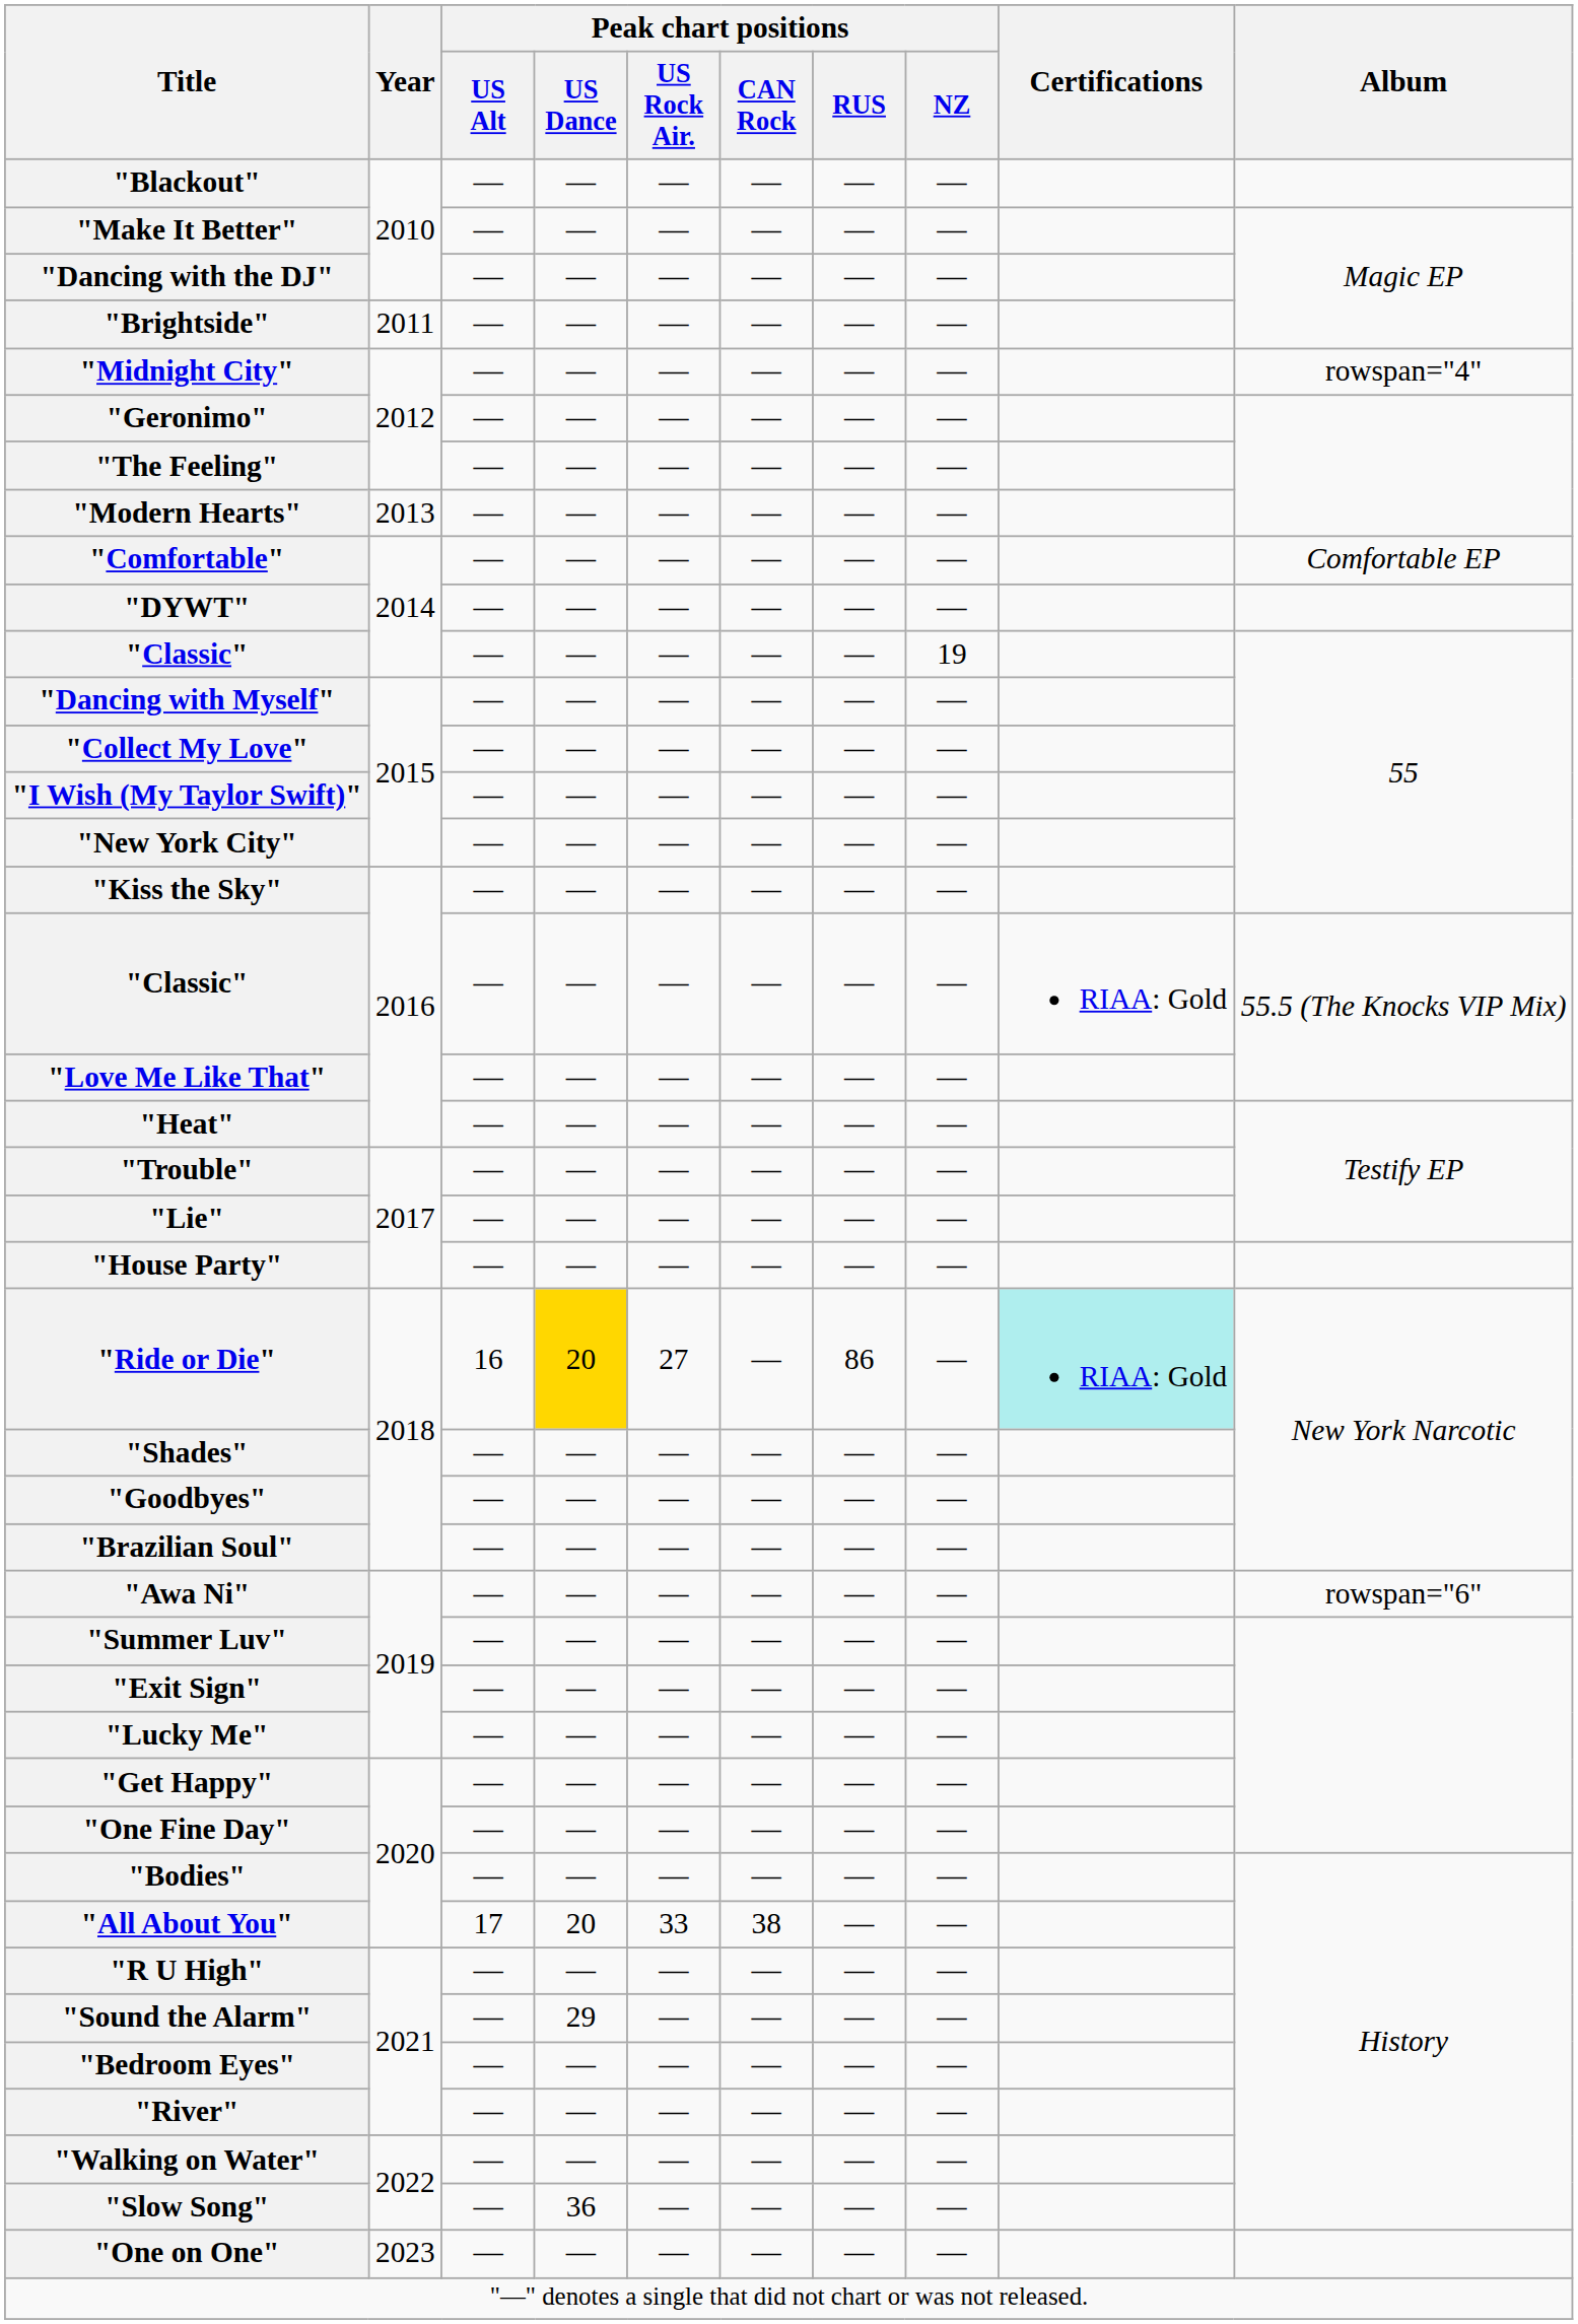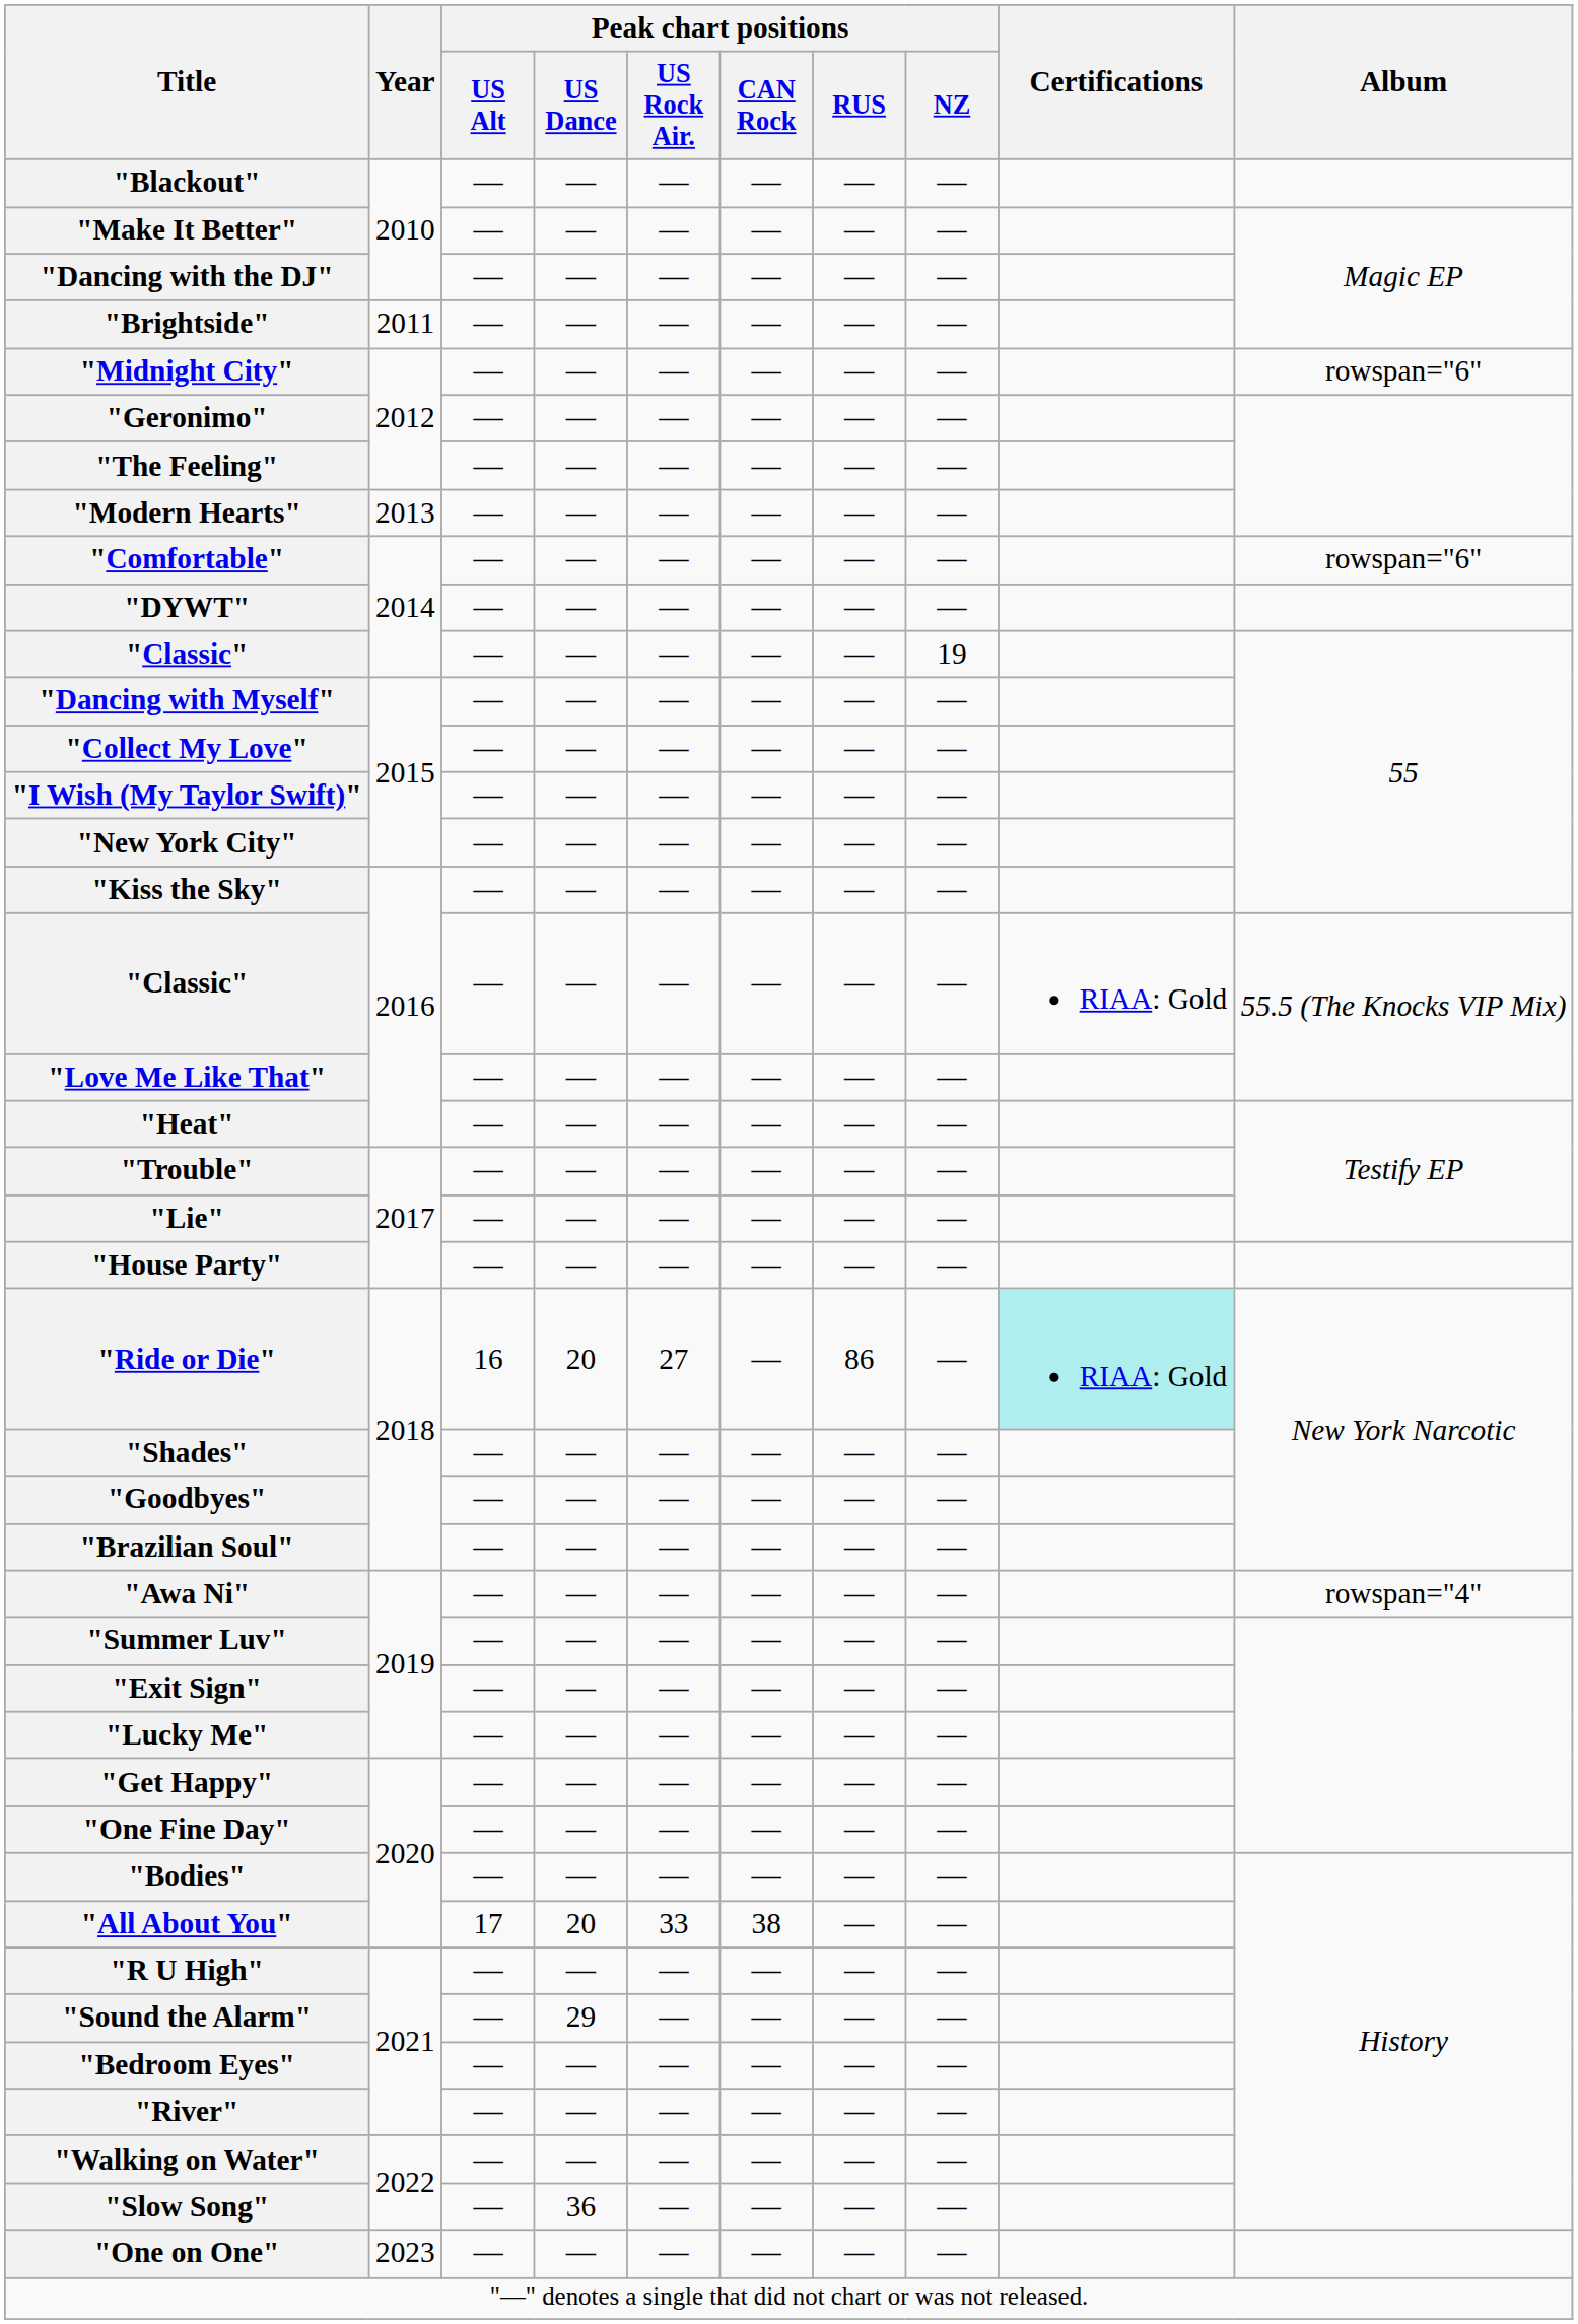 <table class="wikitable plainrowheaders" style="text-align:center;">
 <tr>
 <th scope="col" rowspan="2">Title</th>
 <th scope="col" rowspan="2">Year</th>
 <th scope="col" colspan="6">Peak chart positions</th>
 <th scope="col" rowspan="2">Certifications</th>
 <th scope="col" rowspan="2">Album</th>
 </tr>
 <tr>
 <th scope="col" style="width:3em;font-size:90%;"><a href='#'>US<br>Alt</a><br></th>
 <th scope="col" style="width:3em;font-size:90%;"><a href='#'>US<br>Dance</a><br></th>
 <th scope="col" style="width:3em;font-size:90%;"><a href='#'>US<br>Rock<br>Air.</a><br></th>
 <th scope="col" style="width:3em;font-size:90%;"><a href='#'>CAN<br>Rock</a><br></th>
 <th scope="col" style="width:3em;font-size:90%;"><a href='#'>RUS</a><br></th>
 <th scope="col" style="width:3em;font-size:90%;"><a href='#'>NZ</a><br></th>
 </tr>
 <tr>
 <th scope="row">"Blackout"</th>
 <td rowspan="3">2010</td>
 <td>—</td>
 <td>—</td>
 <td>—</td>
 <td>—</td>
 <td>—</td>
 <td>—</td>
 <td></td>
 <td></td>
 </tr>
 <tr>
 <th scope="row">"Make It Better"</th>
 <td>—</td>
 <td>—</td>
 <td>—</td>
 <td>—</td>
 <td>—</td>
 <td>—</td>
 <td></td>
 <td rowspan="3"><em>Magic EP</em></td>
 </tr>
 <tr>
 <th scope="row">"Dancing with the DJ"</th>
 <td>—</td>
 <td>—</td>
 <td>—</td>
 <td>—</td>
 <td>—</td>
 <td>—</td>
 <td></td>
 </tr>
 <tr>
 <th scope="row">"Brightside"</th>
 <td>2011</td>
 <td>—</td>
 <td>—</td>
 <td>—</td>
 <td>—</td>
 <td>—</td>
 <td>—</td>
 <td></td>
 </tr>
 <tr>
 <th scope="row">"<a href='#'>Midnight City</a>"<br></th>
 <td rowspan="3">2012</td>
 <td>—</td>
 <td>—</td>
 <td>—</td>
 <td>—</td>
 <td>—</td>
 <td>—</td>
 <td></td>
-<td>rowspan="4" </td>
+<td>rowspan="6" </td>
 </tr>
 <tr>
 <th scope="row">"Geronimo"<br></th>
 <td>—</td>
 <td>—</td>
 <td>—</td>
 <td>—</td>
 <td>—</td>
 <td>—</td>
 <td></td>
 </tr>
 <tr>
 <th scope="row">"The Feeling"</th>
 <td>—</td>
 <td>—</td>
 <td>—</td>
 <td>—</td>
 <td>—</td>
 <td>—</td>
 <td></td>
 </tr>
 <tr>
 <th scope="row">"Modern Hearts"<br></th>
 <td>2013</td>
 <td>—</td>
 <td>—</td>
 <td>—</td>
 <td>—</td>
 <td>—</td>
 <td>—</td>
 <td></td>
 </tr>
 <tr>
 <th scope="row">"<a href='#'>Comfortable</a>"<br></th>
 <td rowspan="3">2014</td>
 <td>—</td>
 <td>—</td>
 <td>—</td>
 <td>—</td>
 <td>—</td>
 <td>—</td>
 <td></td>
-<td><em>Comfortable EP</em></td>
+<td>rowspan="6" </td>
 </tr>
 <tr>
 <th scope="row">"DYWT"<br></th>
 <td>—</td>
 <td>—</td>
 <td>—</td>
 <td>—</td>
 <td>—</td>
 <td>—</td>
 <td></td>
 <td></td>
 </tr>
 <tr>
 <th scope="row">"<a href='#'>Classic</a>"<br></th>
 <td>—</td>
 <td>—</td>
 <td>—</td>
 <td>—</td>
 <td>—</td>
 <td>19</td>
 <td></td>
 <td rowspan="6"><em>55</em></td>
 </tr>
 <tr>
 <th scope="row">"<a href='#'>Dancing with Myself</a>"</th>
 <td rowspan="4">2015</td>
 <td>—</td>
 <td>—</td>
 <td>—</td>
 <td>—</td>
 <td>—</td>
 <td>—</td>
 <td></td>
 </tr>
 <tr>
 <th scope="row">"<a href='#'>Collect My Love</a>"<br></th>
 <td>—</td>
 <td>—</td>
 <td>—</td>
 <td>—</td>
 <td>—</td>
 <td>—</td>
 <td></td>
 </tr>
 <tr>
 <th scope="row">"<a href='#'>I Wish (My Taylor Swift)</a>"<br></th>
 <td>—</td>
 <td>—</td>
 <td>—</td>
 <td>—</td>
 <td>—</td>
 <td>—</td>
 <td></td>
 </tr>
 <tr>
 <th scope="row">"New York City"<br></th>
 <td>—</td>
 <td>—</td>
 <td>—</td>
 <td>—</td>
 <td>—</td>
 <td>—</td>
 <td></td>
 </tr>
 <tr>
 <th scope="row">"Kiss the Sky"<br></th>
 <td rowspan="4">2016</td>
 <td>—</td>
 <td>—</td>
 <td>—</td>
 <td>—</td>
 <td>—</td>
 <td>—</td>
 <td></td>
 </tr>
 <tr>
 <th scope="row">"Classic"<br></th>
 <td>—</td>
 <td>—</td>
 <td>—</td>
 <td>—</td>
 <td>—</td>
 <td>—</td>
 <td><br><ul><li><a href='#'>RIAA</a>: Gold</li></ul></td>
 <td rowspan="2"><em>55.5 (The Knocks VIP Mix)</em></td>
 </tr>
 <tr>
 <th scope="row">"<a href='#'>Love Me Like That</a>"<br></th>
 <td>—</td>
 <td>—</td>
 <td>—</td>
 <td>—</td>
 <td>—</td>
 <td>—</td>
 <td></td>
 </tr>
 <tr>
 <th scope="row">"Heat"<br></th>
 <td>—</td>
 <td>—</td>
 <td>—</td>
 <td>—</td>
 <td>—</td>
 <td>—</td>
 <td></td>
 <td rowspan="3"><em>Testify EP</em></td>
 </tr>
 <tr>
 <th scope="row">"Trouble"<br></th>
 <td rowspan="3">2017</td>
 <td>—</td>
 <td>—</td>
 <td>—</td>
 <td>—</td>
 <td>—</td>
 <td>—</td>
 <td></td>
 </tr>
 <tr>
 <th scope="row">"Lie"<br></th>
 <td>—</td>
 <td>—</td>
 <td>—</td>
 <td>—</td>
 <td>—</td>
 <td>—</td>
 <td></td>
 </tr>
 <tr>
 <th scope="row">"House Party"<br></th>
 <td>—</td>
 <td>—</td>
 <td>—</td>
 <td>—</td>
 <td>—</td>
 <td>—</td>
 <td></td>
 <td></td>
 </tr>
 <tr>
 <th scope="row">"<a href='#'>Ride or Die</a>"<br></th>
 <td rowspan="4">2018</td>
 <td>16</td>
-<td style="background: gold;">20</td>
+<td>20</td>
 <td>27</td>
 <td>—</td>
 <td>86</td>
 <td>—</td>
 <td style="background: paleturquoise;"><br><ul><li><a href='#'>RIAA</a>: Gold</li></ul></td>
 <td rowspan="4"><em>New York Narcotic</em></td>
 </tr>
 <tr>
 <th scope="row">"Shades"</th>
 <td>—</td>
 <td>—</td>
 <td>—</td>
 <td>—</td>
 <td>—</td>
 <td>—</td>
 <td></td>
 </tr>
 <tr>
 <th scope="row">"Goodbyes"<br></th>
 <td>—</td>
 <td>—</td>
 <td>—</td>
 <td>—</td>
 <td>—</td>
 <td>—</td>
 <td></td>
 </tr>
 <tr>
 <th scope="row">"Brazilian Soul"<br></th>
 <td>—</td>
 <td>—</td>
 <td>—</td>
 <td>—</td>
 <td>—</td>
 <td>—</td>
 <td></td>
 </tr>
 <tr>
 <th scope="row">"Awa Ni" <br></th>
 <td rowspan="4">2019</td>
 <td>—</td>
 <td>—</td>
 <td>—</td>
 <td>—</td>
 <td>—</td>
 <td>—</td>
 <td></td>
-<td>rowspan="6" </td>
+<td>rowspan="4" </td>
 </tr>
 <tr>
 <th scope="row">"Summer Luv" <br></th>
 <td>—</td>
 <td>—</td>
 <td>—</td>
 <td>—</td>
 <td>—</td>
 <td>—</td>
 <td></td>
 </tr>
 <tr>
 <th scope="row">"Exit Sign" <br></th>
 <td>—</td>
 <td>—</td>
 <td>—</td>
 <td>—</td>
 <td>—</td>
 <td>—</td>
 <td></td>
 </tr>
 <tr>
 <th scope="row">"Lucky Me" <br></th>
 <td>—</td>
 <td>—</td>
 <td>—</td>
 <td>—</td>
 <td>—</td>
 <td>—</td>
 <td></td>
 </tr>
 <tr>
 <th scope="row">"Get Happy" <br></th>
 <td rowspan="4">2020</td>
 <td>—</td>
 <td>—</td>
 <td>—</td>
 <td>—</td>
 <td>—</td>
 <td>—</td>
 <td></td>
 </tr>
 <tr>
 <th scope="row">"One Fine Day" <br></th>
 <td>—</td>
 <td>—</td>
 <td>—</td>
 <td>—</td>
 <td>—</td>
 <td>—</td>
 <td></td>
 </tr>
 <tr>
 <th scope="row">"Bodies" <br></th>
 <td>—</td>
 <td>—</td>
 <td>—</td>
 <td>—</td>
 <td>—</td>
 <td>—</td>
 <td></td>
 <td rowspan="8"><em>History</em></td>
 </tr>
 <tr>
 <th scope="row">"<a href='#'>All About You</a>"<br></th>
 <td>17</td>
 <td>20</td>
 <td>33</td>
 <td>38</td>
 <td>—</td>
 <td>—</td>
 <td></td>
 </tr>
 <tr>
 <th scope="row">"R U High"<br></th>
 <td rowspan="4">2021</td>
 <td>—</td>
 <td>—</td>
 <td>—</td>
 <td>—</td>
 <td>—</td>
 <td>—</td>
 <td></td>
 </tr>
 <tr>
 <th scope="row">"Sound the Alarm"<br></th>
 <td>—</td>
 <td>29</td>
 <td>—</td>
 <td>—</td>
 <td>—</td>
 <td>—</td>
 <td></td>
 </tr>
 <tr>
 <th scope="row">"Bedroom Eyes" <br></th>
 <td>—</td>
 <td>—</td>
 <td>—</td>
 <td>—</td>
 <td>—</td>
 <td>—</td>
 <td></td>
 </tr>
 <tr>
 <th scope="row">"River" <br></th>
 <td>—</td>
 <td>—</td>
 <td>—</td>
 <td>—</td>
 <td>—</td>
 <td>—</td>
 <td></td>
 </tr>
 <tr>
 <th scope="row">"Walking on Water" <br></th>
 <td rowspan="2">2022</td>
 <td>—</td>
 <td>—</td>
 <td>—</td>
 <td>—</td>
 <td>—</td>
 <td>—</td>
 <td></td>
 </tr>
 <tr>
 <th scope="row">"Slow Song"<br></th>
 <td>—</td>
 <td>36</td>
 <td>—</td>
 <td>—</td>
 <td>—</td>
 <td>—</td>
 <td></td>
 </tr>
 <tr>
 <th scope="row">"One on One"<br></th>
 <td>2023</td>
 <td>—</td>
 <td>—</td>
 <td>—</td>
 <td>—</td>
 <td>—</td>
 <td>—</td>
 <td></td>
 <td></td>
 </tr>
 <tr>
 <td colspan="14" style="font-size:85%">"—" denotes a single that did not chart or was not released.</td>
 </tr>
 </table>
